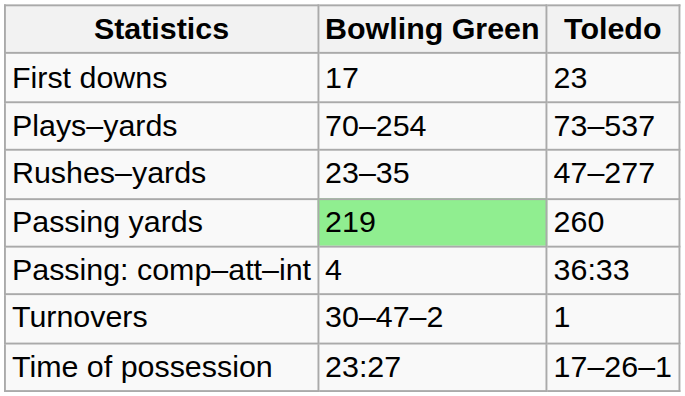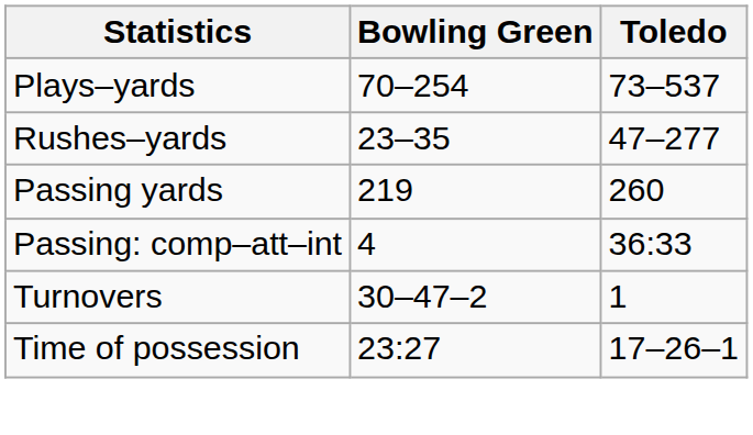 <table class="wikitable" style="float:left">
 <tr>
 <th>Statistics</th>
 <th>Bowling Green</th>
 <th>Toledo</th>
-</tr>
-<tr>
-<td>First downs</td>
-<td>17</td>
-<td>23</td>
 </tr>
 <tr>
 <td>Plays–yards</td>
 <td>70–254</td>
 <td>73–537</td>
 </tr>
 <tr>
 <td>Rushes–yards</td>
 <td>23–35</td>
 <td>47–277</td>
 </tr>
 <tr>
 <td>Passing yards</td>
-<td style="background: lightgreen;">219</td>
+<td>219</td>
 <td>260</td>
 </tr>
 <tr>
 <td>Passing: comp–att–int</td>
 <td>4</td>
 <td>36:33</td>
 </tr>
 <tr>
 <td>Turnovers</td>
 <td>30–47–2</td>
 <td>1</td>
 </tr>
 <tr>
 <td>Time of possession</td>
 <td>23:27</td>
 <td>17–26–1</td>
 </tr>
 </table>
